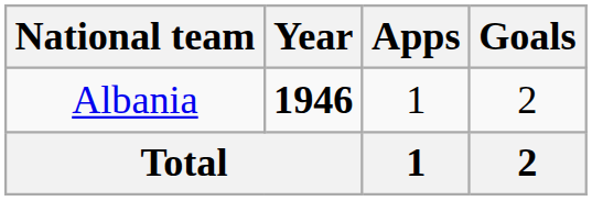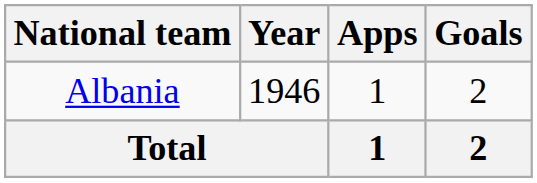 <table class=wikitable style=text-align:center>
 <tr>
 <th>National team</th>
 <th>Year</th>
 <th>Apps</th>
 <th>Goals</th>
 </tr>
 <tr>
 <td rowspan="1"><a href='#'>Albania</a></td>
-<td><strong>1946</strong></td>
+<td>1946</td>
 <td>1</td>
 <td>2</td>
 </tr>
 <tr>
 <th colspan="2">Total</th>
 <th>1</th>
 <th>2</th>
 </tr>
 </table>
